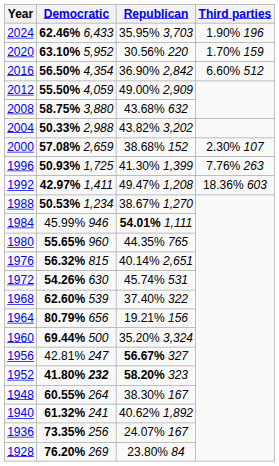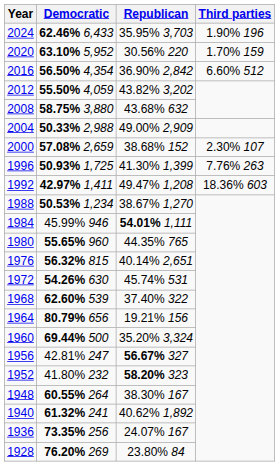 <table class="wikitable sortable static-row-numbers" border=1 style=text-align:right>
 <tr>
 <th>Year</th>
 <th><a href='#'>Democratic</a></th>
 <th><a href='#'>Republican</a></th>
 <th><a href='#'>Third parties</a></th>
 </tr>
 <tr>
 <td align="center" ><a href='#'>2024</a></td>
 <td align="center" ><strong>62.46%</strong> <em>6,433</em></td>
 <td align="center" >35.95% <em>3,703</em></td>
 <td align="center" >1.90% <em>196</em></td>
 </tr>
 <tr>
 <td align="center" ><a href='#'>2020</a></td>
 <td align="center" ><strong>63.10%</strong> <em>5,952</em></td>
 <td align="center" >30.56% <em>220</em></td>
 <td align="center" >1.70% <em>159</em></td>
 </tr>
 <tr>
 <td align="center" ><a href='#'>2016</a></td>
 <td align="center" ><strong>56.50%</strong> <em>4,354</em></td>
 <td align="center" >36.90% <em>2,842</em></td>
 <td align="center" >6.60% <em>512</em></td>
 </tr>
 <tr>
 <td align="center" ><a href='#'>2012</a></td>
 <td align="center" ><strong>55.50%</strong> <em>4,059</em></td>
-<td align="center" >49.00% <em>2,909</em></td>
+<td align="center" >43.82% <em>3,202</em></td>
 </tr>
 <tr>
 <td align="center" ><a href='#'>2008</a></td>
 <td align="center" ><strong>58.75%</strong> <em>3,880</em></td>
 <td align="center" >43.68% <em>632</em></td>
 </tr>
 <tr>
 <td align="center" ><a href='#'>2004</a></td>
 <td align="center" ><strong>50.33%</strong> <em>2,988</em></td>
-<td align="center" >43.82% <em>3,202</em></td>
+<td align="center" >49.00% <em>2,909</em></td>
 <td></td>
 </tr>
 <tr>
 <td align="center" ><a href='#'>2000</a></td>
 <td align="center" ><strong>57.08%</strong> <em>2,659</em></td>
 <td align="center" >38.68% <em>152</em></td>
 <td align="center" >2.30% <em>107</em></td>
 </tr>
 <tr>
 <td align="center" ><a href='#'>1996</a></td>
 <td align="center" ><strong>50.93%</strong> <em>1,725</em></td>
 <td align="center" >41.30% <em>1,399</em></td>
 <td align="center" >7.76% <em>263</em></td>
 </tr>
 <tr>
 <td align="center" ><a href='#'>1992</a></td>
 <td align="center" ><strong>42.97%</strong> <em>1,411</em></td>
 <td align="center" >49.47% <em>1,208</em></td>
 <td align="center" >18.36% <em>603</em></td>
 </tr>
 <tr>
 <td align="center" ><a href='#'>1988</a></td>
 <td align="center" ><strong>50.53%</strong> <em>1,234</em></td>
 <td align="center" >38.67% <em>1,270</em></td>
 </tr>
 <tr>
 <td align="center" ><a href='#'>1984</a></td>
 <td align="center" >45.99% <em>946</em></td>
 <td align="center" ><strong>54.01%</strong> <em>1,111</em></td>
 </tr>
 <tr>
 <td align="center" ><a href='#'>1980</a></td>
 <td align="center" ><strong>55.65%</strong> <em>960</em></td>
 <td align="center" >44.35% <em>765</em></td>
 </tr>
 <tr>
 <td align="center" ><a href='#'>1976</a></td>
 <td align="center" ><strong>56.32%</strong> <em>815</em></td>
 <td align="center" >40.14% <em>2,651</em></td>
 </tr>
 <tr>
 <td align="center" ><a href='#'>1972</a></td>
 <td align="center" ><strong>54.26%</strong> <em>630</em></td>
 <td align="center" >45.74% <em>531</em></td>
 </tr>
 <tr>
 <td align="center" ><a href='#'>1968</a></td>
 <td align="center" ><strong>62.60%</strong> <em>539</em></td>
 <td align="center" >37.40% <em>322</em></td>
 </tr>
 <tr>
 <td align="center" ><a href='#'>1964</a></td>
 <td align="center" ><strong>80.79%</strong> <em>656</em></td>
 <td align="center" >19.21% <em>156</em></td>
 </tr>
 <tr>
 <td align="center" ><a href='#'>1960</a></td>
 <td align="center" ><strong>69.44%</strong> <em>500</em></td>
 <td align="center" >35.20% <em>3,324</em></td>
 </tr>
 <tr>
 <td align="center" ><a href='#'>1956</a></td>
 <td align="center" >42.81% <em>247</em></td>
 <td align="center" ><strong>56.67%</strong> <em>327</em></td>
 </tr>
 <tr>
 <td align="center" ><a href='#'>1952</a></td>
-<td align="center" ><strong>41.80% <em>232</em></strong></td>
+<td align="center" >41.80% <em>232</em></td>
 <td align="center" ><strong>58.20%</strong> <em>323</em></td>
 </tr>
 <tr>
 <td align="center" ><a href='#'>1948</a></td>
 <td align="center" ><strong>60.55%</strong> <em>264</em></td>
 <td align="center" >38.30% <em>167</em></td>
 </tr>
 <tr>
 <td align="center" ><a href='#'>1940</a></td>
 <td align="center" ><strong>61.32%</strong> <em>241</em></td>
 <td align="center" >40.62% <em>1,892</em></td>
 </tr>
 <tr>
 <td align="center" ><a href='#'>1936</a></td>
 <td align="center" ><strong>73.35%</strong> <em>256</em></td>
 <td align="center" >24.07% <em>167</em></td>
 </tr>
 <tr>
 <td align="center" ><a href='#'>1928</a></td>
 <td align="center" ><strong>76.20%</strong> <em>269</em></td>
 <td align="center" >23.80% <em>84</em></td>
 </tr>
 </table>
